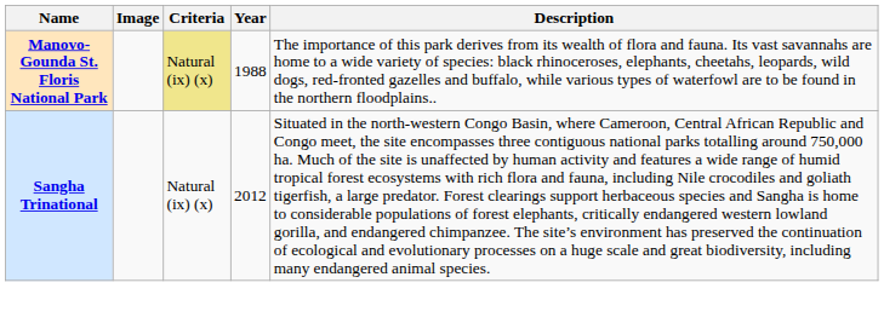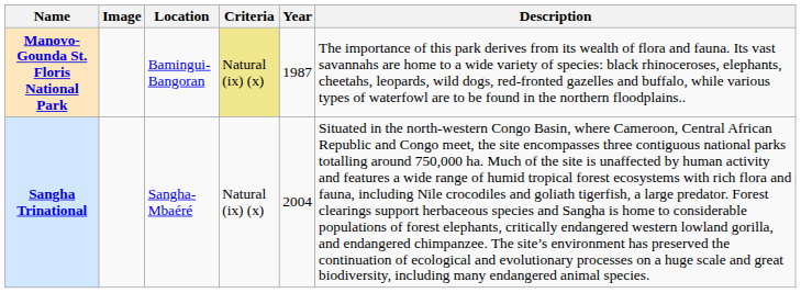 <table class="wikitable sortable">
 <tr>
 <th>Name</th>
 <th>Image</th>
+<th>Location</th>
 <th>Criteria</th>
 <th>Year</th>
 <th><strong>Description</strong></th>
 </tr>
 <tr>
 <th scope="row" style="background:#ffe6bd;"><a href='#'>Manovo-Gounda St. Floris National Park</a></th>
 <td></td>
+<td><a href='#'>Bamingui-Bangoran</a><br></td>
 <td style="background: khaki;">Natural (ix) (x)</td>
-<td>1988</td>
+<td>1987</td>
 <td>The importance of this park derives from its wealth of flora and fauna. Its vast savannahs are home to a wide variety of species: black rhinoceroses, elephants, cheetahs, leopards, wild dogs, red-fronted gazelles and buffalo, while various types of waterfowl are to be found in the northern floodplains..</td>
 </tr>
 <tr>
 <th scope="row" style="background:#D0E7FF"><a href='#'>Sangha Trinational</a></th>
 <td></td>
+<td><a href='#'>Sangha-Mbaéré</a><br></td>
 <td>Natural (ix) (x)</td>
-<td>2012</td>
+<td>2004</td>
 <td>Situated in the north-western Congo Basin, where Cameroon, Central African Republic and Congo meet, the site encompasses three contiguous national parks totalling around 750,000 ha. Much of the site is unaffected by human activity and features a wide range of humid tropical forest ecosystems with rich flora and fauna, including Nile crocodiles and goliath tigerfish, a large predator. Forest clearings support herbaceous species and Sangha is home to considerable populations of forest elephants, critically endangered western lowland gorilla, and endangered chimpanzee. The site’s environment has preserved the continuation of ecological and evolutionary processes on a huge scale and great biodiversity, including many endangered animal species.</td>
 </tr>
 </table>
